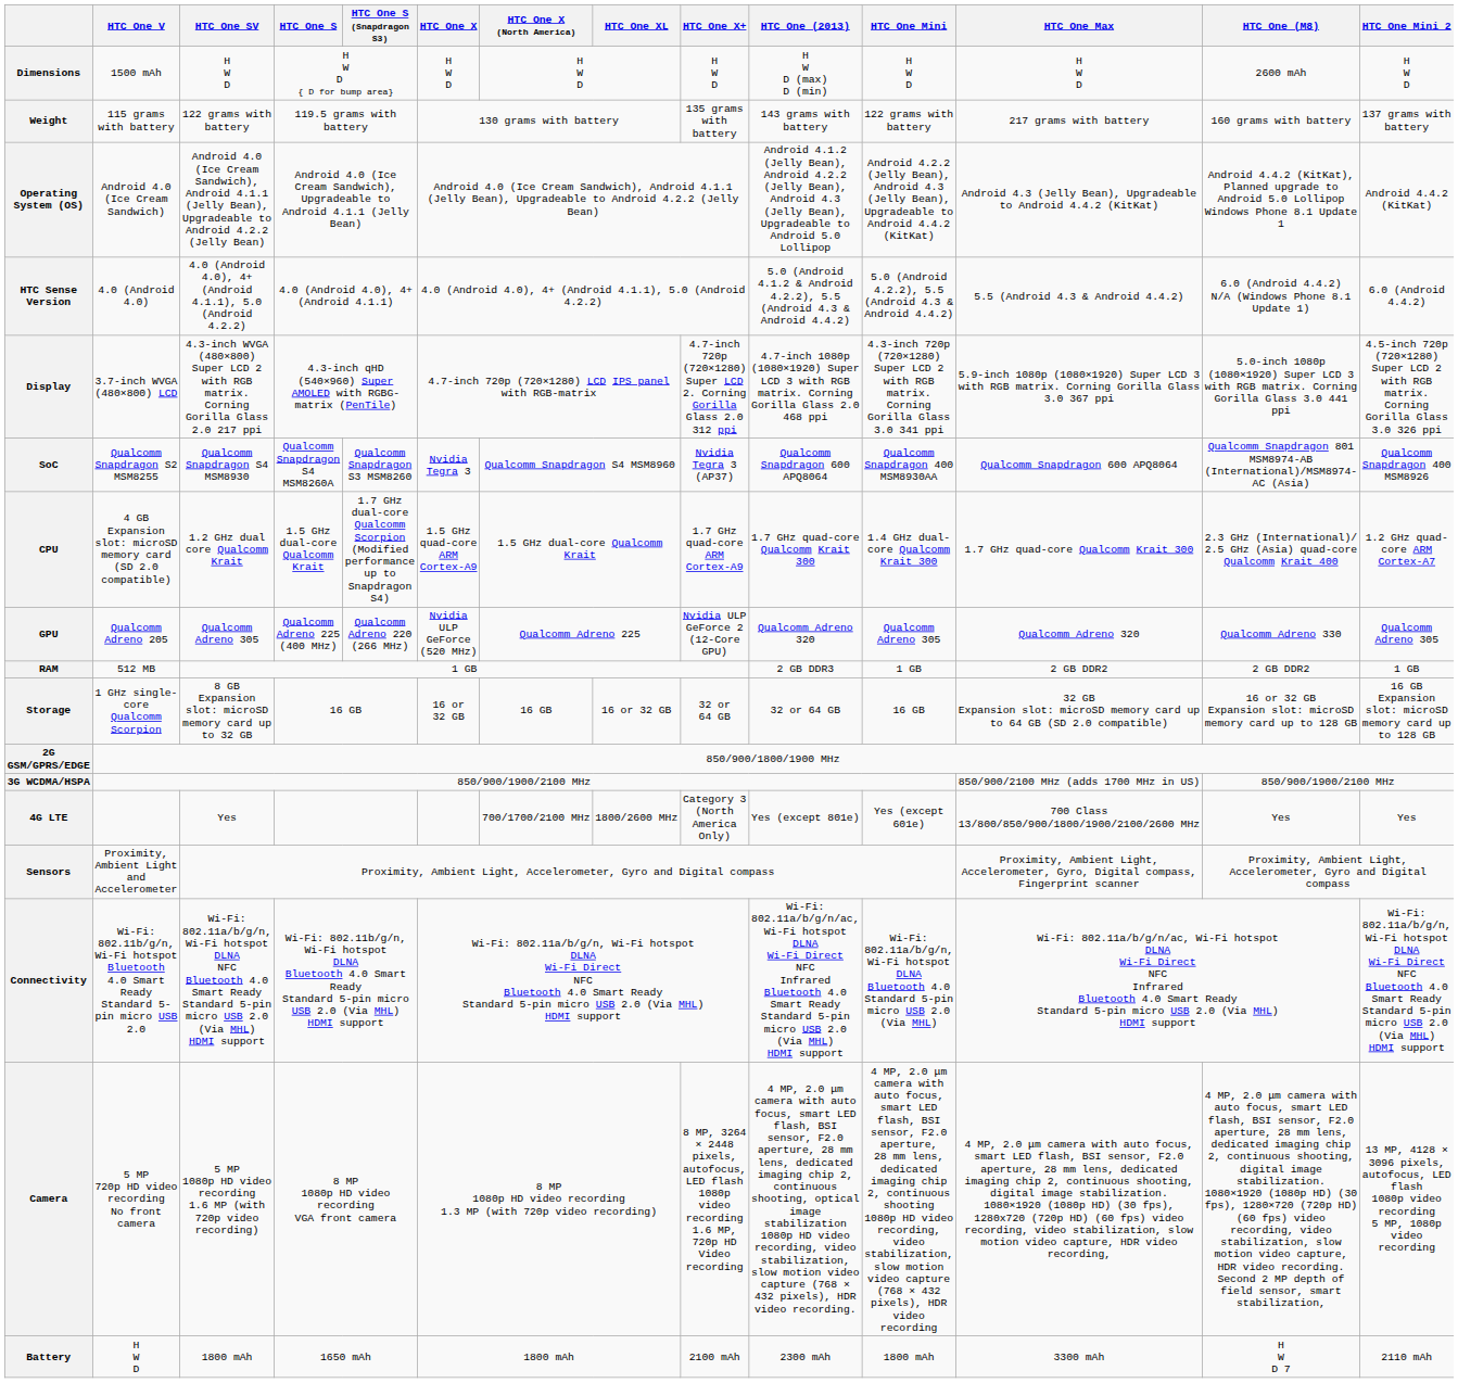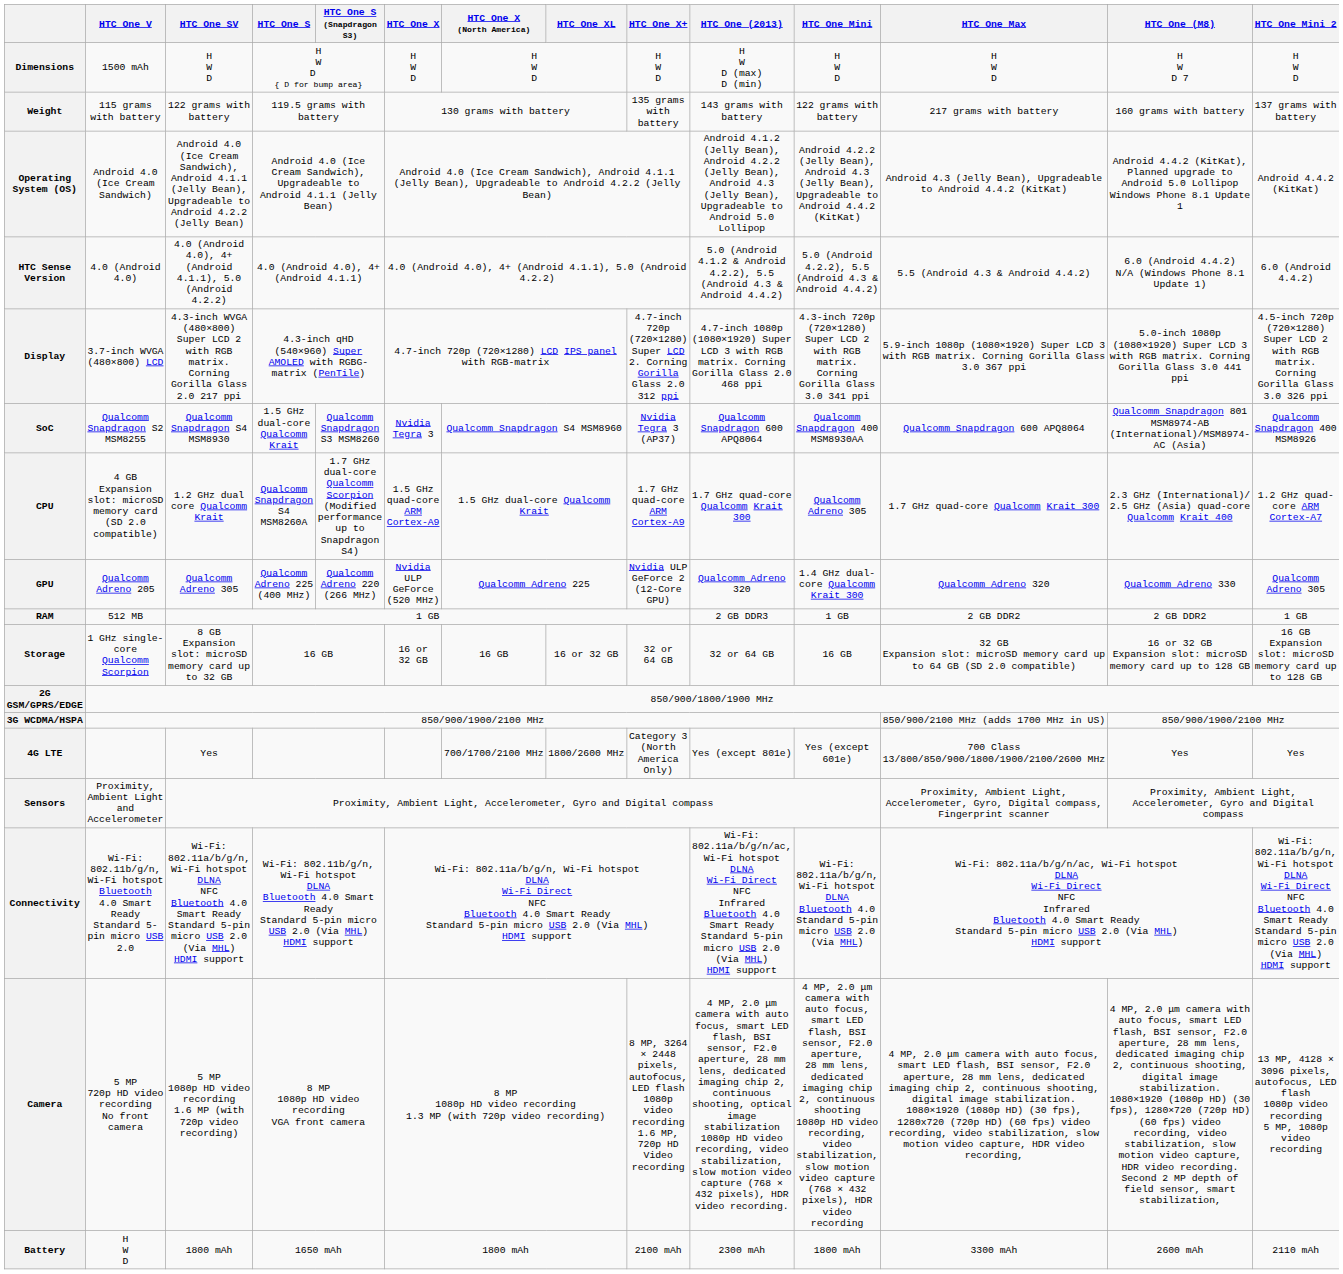 <table class="wikitable" style="text-align:center;">
 <tr>
 <th></th>
 <th><a href='#'>HTC One V</a></th>
 <th><a href='#'>HTC One SV</a></th>
 <th><a href='#'>HTC One S</a></th>
 <th><a href='#'>HTC One S</a> <br> <small>(Snapdragon S3)</small></th>
 <th><a href='#'>HTC One X</a></th>
 <th><a href='#'>HTC One X</a> <br> <small>(North America)</small></th>
 <th><a href='#'>HTC One XL</a></th>
 <th><a href='#'>HTC One X+</a></th>
 <th><a href='#'>HTC One (2013)</a></th>
 <th><a href='#'>HTC One Mini</a></th>
 <th><a href='#'>HTC One Max</a></th>
 <th><a href='#'>HTC One (M8)</a></th>
 <th><a href='#'>HTC One Mini 2</a></th>
 </tr>
 <tr>
 <th>Dimensions</th>
 <td>1500 mAh</td>
 <td>H <br>  W <br>  D </td>
 <td colspan="2">H <br>  W <br>  D  <br><small>{ D  for bump area}</small></td>
 <td>H <br>  W <br>  D </td>
 <td colspan="2">H <br>  W <br>  D </td>
 <td>H <br>  W <br>  D </td>
 <td>H <br>  W <br>  D (max)  <br>D (min) </td>
 <td>H <br>  W <br>  D </td>
 <td> H <br> W <br> D</td>
-<td>2600 mAh</td>
+<td>H <br>  W <br>  D  7</td>
 <td>H <br>  W <br>  D </td>
 </tr>
 <tr>
 <th>Weight</th>
 <td>115 grams with battery</td>
 <td>122 grams with battery</td>
 <td colspan="2">119.5 grams with battery</td>
 <td colspan="3">130 grams with battery</td>
 <td>135 grams with battery</td>
 <td>143 grams with battery</td>
 <td>122 grams with battery</td>
 <td>217 grams with battery</td>
 <td>160 grams with battery</td>
 <td>137 grams with battery</td>
 </tr>
 <tr>
 <th>Operating System (OS)</th>
 <td>Android 4.0 (Ice Cream Sandwich)</td>
 <td>Android 4.0 (Ice Cream Sandwich), Android 4.1.1 (Jelly Bean), Upgradeable to Android 4.2.2 (Jelly Bean)</td>
 <td colspan="2">Android 4.0 (Ice Cream Sandwich), Upgradeable to Android 4.1.1 (Jelly Bean)</td>
 <td colspan="4">Android 4.0 (Ice Cream Sandwich), Android 4.1.1 (Jelly Bean), Upgradeable to Android 4.2.2 (Jelly Bean)</td>
 <td>Android 4.1.2 (Jelly Bean), Android 4.2.2 (Jelly Bean), Android 4.3 (Jelly Bean), Upgradeable to Android 5.0 Lollipop</td>
 <td>Android 4.2.2 (Jelly Bean), Android 4.3 (Jelly Bean), Upgradeable to Android 4.4.2 (KitKat)</td>
 <td>Android 4.3 (Jelly Bean), Upgradeable to Android 4.4.2 (KitKat)</td>
 <td>Android 4.4.2 (KitKat), Planned upgrade to Android 5.0 Lollipop<br>Windows Phone 8.1 Update 1</td>
 <td>Android 4.4.2 (KitKat)</td>
 </tr>
 <tr>
 <th>HTC Sense Version</th>
 <td>4.0 (Android 4.0)</td>
 <td>4.0 (Android 4.0), 4+ (Android 4.1.1), 5.0 (Android 4.2.2)</td>
 <td colspan="2">4.0 (Android 4.0), 4+ (Android 4.1.1)</td>
 <td colspan="4">4.0 (Android 4.0), 4+ (Android 4.1.1), 5.0 (Android 4.2.2)</td>
 <td>5.0 (Android 4.1.2 & Android 4.2.2), 5.5 (Android 4.3 & Android 4.4.2)</td>
 <td>5.0 (Android 4.2.2), 5.5 (Android 4.3 & Android 4.4.2)</td>
 <td>5.5 (Android 4.3 & Android 4.4.2)</td>
 <td>6.0 (Android 4.4.2)<br> N/A (Windows Phone 8.1 Update 1)</td>
 <td>6.0 (Android 4.4.2)</td>
 </tr>
 <tr>
 <th>Display</th>
 <td>3.7-inch WVGA (480×800) <a href='#'>LCD</a></td>
 <td>4.3-inch WVGA (480×800) Super LCD 2 with RGB matrix. Corning Gorilla Glass 2.0 217 ppi</td>
 <td colspan="2">4.3-inch qHD (540×960) <a href='#'>Super AMOLED</a> with RGBG-matrix (<a href='#'>PenTile</a>)</td>
 <td colspan="3">4.7-inch 720p (720×1280) <a href='#'>LCD</a> <a href='#'>IPS panel</a> with RGB-matrix</td>
 <td>4.7-inch 720p (720×1280) Super <a href='#'>LCD</a> 2. Corning <a href='#'>Gorilla</a> Glass 2.0 312 <a href='#'>ppi</a></td>
 <td>4.7-inch 1080p (1080×1920) Super LCD 3 with RGB matrix. Corning Gorilla Glass 2.0 468 ppi</td>
 <td>4.3-inch 720p (720×1280) Super LCD 2 with RGB matrix. Corning Gorilla Glass 3.0 341 ppi</td>
 <td>5.9-inch 1080p (1080×1920) Super LCD 3 with RGB matrix. Corning Gorilla Glass 3.0 367 ppi</td>
 <td>5.0-inch 1080p (1080×1920) Super LCD 3 with RGB matrix. Corning Gorilla Glass 3.0 441 ppi</td>
 <td>4.5-inch 720p (720×1280) Super LCD 2 with RGB matrix. Corning Gorilla Glass 3.0 326 ppi</td>
 </tr>
 <tr>
 <th>SoC</th>
 <td><a href='#'>Qualcomm Snapdragon</a> S2 MSM8255</td>
 <td><a href='#'>Qualcomm Snapdragon</a> S4 MSM8930</td>
-<td><a href='#'>Qualcomm Snapdragon</a> S4 MSM8260A</td>
+<td>1.5 GHz dual-core <a href='#'>Qualcomm</a> <a href='#'>Krait</a></td>
 <td><a href='#'>Qualcomm Snapdragon</a> S3 MSM8260</td>
 <td><a href='#'>Nvidia Tegra</a> 3</td>
 <td colspan="2"><a href='#'>Qualcomm Snapdragon</a> S4 MSM8960</td>
 <td><a href='#'>Nvidia Tegra</a> 3 (AP37)</td>
 <td><a href='#'>Qualcomm Snapdragon</a> 600 APQ8064</td>
 <td><a href='#'>Qualcomm Snapdragon</a> 400 MSM8930AA</td>
 <td><a href='#'>Qualcomm Snapdragon</a> 600 APQ8064</td>
 <td><a href='#'>Qualcomm Snapdragon</a> 801 MSM8974-AB (International)/MSM8974-AC (Asia)</td>
 <td><a href='#'>Qualcomm Snapdragon</a> 400 MSM8926</td>
 </tr>
 <tr>
 <th>CPU</th>
 <td>4 GB<br>Expansion slot: microSD memory card (SD 2.0 compatible)</td>
 <td>1.2 GHz dual core <a href='#'>Qualcomm</a> <a href='#'>Krait</a></td>
-<td>1.5 GHz dual-core <a href='#'>Qualcomm</a> <a href='#'>Krait</a></td>
+<td><a href='#'>Qualcomm Snapdragon</a> S4 MSM8260A</td>
 <td>1.7 GHz dual-core <a href='#'>Qualcomm</a> <a href='#'>Scorpion</a><br>(Modified performance up to Snapdragon S4)</td>
 <td>1.5 GHz quad-core <a href='#'>ARM Cortex-A9</a></td>
 <td colspan="2">1.5 GHz dual-core <a href='#'>Qualcomm</a> <a href='#'>Krait</a></td>
 <td>1.7 GHz quad-core <a href='#'>ARM Cortex-A9</a></td>
 <td>1.7 GHz quad-core <a href='#'>Qualcomm</a> <a href='#'>Krait 300</a></td>
-<td>1.4 GHz dual-core <a href='#'>Qualcomm</a> <a href='#'>Krait 300</a></td>
+<td><a href='#'>Qualcomm Adreno</a> 305</td>
 <td>1.7 GHz quad-core <a href='#'>Qualcomm</a> <a href='#'>Krait 300</a></td>
 <td>2.3 GHz (International)/ 2.5 GHz (Asia) quad-core <a href='#'>Qualcomm</a> <a href='#'>Krait 400</a></td>
 <td>1.2 GHz quad-core <a href='#'>ARM Cortex-A7</a></td>
 </tr>
 <tr>
 <th>GPU</th>
 <td><a href='#'>Qualcomm Adreno</a> 205</td>
 <td><a href='#'>Qualcomm Adreno</a> 305</td>
 <td><a href='#'>Qualcomm Adreno</a> 225 (400 MHz)</td>
 <td><a href='#'>Qualcomm Adreno</a> 220 (266 MHz)</td>
 <td><a href='#'>Nvidia</a> ULP GeForce (520 MHz)</td>
 <td colspan="2"><a href='#'>Qualcomm Adreno</a> 225</td>
 <td><a href='#'>Nvidia</a> ULP GeForce 2 (12-Core GPU)</td>
 <td><a href='#'>Qualcomm Adreno</a> 320</td>
-<td><a href='#'>Qualcomm Adreno</a> 305</td>
+<td>1.4 GHz dual-core <a href='#'>Qualcomm</a> <a href='#'>Krait 300</a></td>
 <td><a href='#'>Qualcomm Adreno</a> 320</td>
 <td><a href='#'>Qualcomm Adreno</a> 330</td>
 <td><a href='#'>Qualcomm Adreno</a> 305</td>
 </tr>
 <tr>
 <th>RAM</th>
 <td>512 MB</td>
 <td colspan="7">1 GB</td>
 <td>2 GB DDR3</td>
 <td>1 GB</td>
 <td>2 GB DDR2</td>
 <td>2 GB DDR2</td>
 <td>1 GB</td>
 </tr>
 <tr>
 <th>Storage</th>
 <td>1 GHz single-core <a href='#'>Qualcomm</a> <a href='#'>Scorpion</a></td>
 <td>8 GB<br>Expansion slot: microSD memory card up to 32 GB</td>
 <td colspan="2">16 GB</td>
 <td>16 or 32 GB</td>
 <td>16 GB</td>
 <td>16 or 32 GB</td>
 <td>32 or 64 GB</td>
 <td>32 or 64 GB</td>
 <td>16 GB</td>
 <td>32 GB<br>Expansion slot: microSD memory card up to 64 GB (SD 2.0 compatible)</td>
 <td>16 or 32 GB<br>Expansion slot: microSD memory card up to 128 GB</td>
 <td>16 GB<br>Expansion slot: microSD memory card up to 128 GB</td>
 </tr>
 <tr>
 <th>2G GSM/GPRS/EDGE</th>
 <td colspan="13">850/900/1800/1900 MHz</td>
 </tr>
 <tr>
 <th>3G WCDMA/HSPA</th>
 <td colspan="10">850/900/1900/2100 MHz</td>
 <td>850/900/2100 MHz (adds 1700 MHz in US)</td>
 <td colspan="10">850/900/1900/2100 MHz</td>
 </tr>
 <tr>
 <th>4G LTE</th>
 <td></td>
 <td>Yes</td>
 <td colspan="2"></td>
 <td></td>
 <td>700/1700/2100 MHz</td>
 <td>1800/2600 MHz</td>
 <td>Category 3 (North America Only)</td>
 <td>Yes (except 801e)</td>
 <td>Yes (except 601e)</td>
 <td>700 Class 13/800/850/900/1800/1900/2100/2600 MHz</td>
 <td>Yes</td>
 <td>Yes</td>
 </tr>
 <tr>
 <th>Sensors</th>
 <td>Proximity, Ambient Light and Accelerometer</td>
 <td colspan="9">Proximity, Ambient Light, Accelerometer, Gyro and Digital compass</td>
 <td>Proximity, Ambient Light, Accelerometer, Gyro, Digital compass, Fingerprint scanner</td>
 <td colspan="2">Proximity, Ambient Light, Accelerometer, Gyro and Digital compass</td>
 </tr>
 <tr>
 <th>Connectivity</th>
 <td>Wi-Fi: 802.11b/g/n, Wi-Fi hotspot<br><a href='#'>Bluetooth</a> 4.0 Smart Ready<br>Standard 5-pin micro <a href='#'>USB</a> 2.0</td>
 <td>Wi-Fi: 802.11a/b/g/n, Wi-Fi hotspot<br><a href='#'>DLNA</a><br>NFC<br><a href='#'>Bluetooth</a> 4.0 Smart Ready<br>Standard 5-pin micro <a href='#'>USB</a> 2.0 (Via <a href='#'>MHL</a>)<br><a href='#'>HDMI</a> support</td>
 <td colspan="2">Wi-Fi: 802.11b/g/n, Wi-Fi hotspot<br><a href='#'>DLNA</a><br><a href='#'>Bluetooth</a> 4.0 Smart Ready<br>Standard 5-pin micro <a href='#'>USB</a> 2.0 (Via <a href='#'>MHL</a>)<br><a href='#'>HDMI</a> support</td>
 <td colspan="4">Wi-Fi: 802.11a/b/g/n, Wi-Fi hotspot<br><a href='#'>DLNA</a><br><a href='#'>Wi-Fi Direct</a><br>NFC<br><a href='#'>Bluetooth</a> 4.0 Smart Ready<br>Standard 5-pin micro <a href='#'>USB</a> 2.0 (Via <a href='#'>MHL</a>)<br><a href='#'>HDMI</a> support</td>
 <td>Wi-Fi: 802.11a/b/g/n/ac, Wi-Fi hotspot<br><a href='#'>DLNA</a><br><a href='#'>Wi-Fi Direct</a><br>NFC<br>Infrared<br><a href='#'>Bluetooth</a> 4.0 Smart Ready<br>Standard 5-pin micro <a href='#'>USB</a> 2.0 (Via <a href='#'>MHL</a>)<br><a href='#'>HDMI</a> support</td>
 <td>Wi-Fi: 802.11a/b/g/n, Wi-Fi hotspot<br><a href='#'>DLNA</a><br><a href='#'>Bluetooth</a> 4.0<br>Standard 5-pin micro <a href='#'>USB</a> 2.0 (Via <a href='#'>MHL</a>)</td>
 <td colspan="2">Wi-Fi: 802.11a/b/g/n/ac, Wi-Fi hotspot<br><a href='#'>DLNA</a><br><a href='#'>Wi-Fi Direct</a><br>NFC<br>Infrared<br><a href='#'>Bluetooth</a> 4.0 Smart Ready<br>Standard 5-pin micro <a href='#'>USB</a> 2.0 (Via <a href='#'>MHL</a>)<br><a href='#'>HDMI</a> support</td>
 <td>Wi-Fi: 802.11a/b/g/n, Wi-Fi hotspot<br><a href='#'>DLNA</a><br><a href='#'>Wi-Fi Direct</a><br>NFC<br><a href='#'>Bluetooth</a> 4.0 Smart Ready<br>Standard 5-pin micro <a href='#'>USB</a> 2.0 (Via <a href='#'>MHL</a>)<br><a href='#'>HDMI</a> support</td>
 </tr>
 <tr>
 <th>Camera</th>
 <td>5 MP<br>720p HD video recording<br>No front camera</td>
 <td>5 MP<br>1080p HD video recording<br> 1.6 MP (with 720p video recording)</td>
 <td colspan="2">8 MP<br>1080p HD video recording<br> VGA front camera</td>
 <td colspan="3">8 MP<br>1080p HD video recording<br> 1.3 MP (with 720p video recording)</td>
 <td>8 MP, 3264 × 2448 pixels, autofocus, LED flash <br> 1080p video recording <br>1.6 MP, 720p HD Video recording</td>
 <td>4 MP, 2.0 μm camera with auto focus, smart LED flash, BSI sensor, F2.0 aperture, 28 mm lens, dedicated imaging chip 2, continuous shooting, optical image stabilization<br>1080p HD video recording, video stabilization, slow motion video capture (768 × 432 pixels), HDR video recording.</td>
 <td>4 MP, 2.0 μm camera with auto focus, smart LED flash, BSI sensor, F2.0 aperture, 28 mm lens, dedicated imaging chip 2, continuous shooting<br>1080p HD video recording, video stabilization, slow motion video capture (768 × 432 pixels), HDR video recording</td>
 <td>4 MP, 2.0 μm camera with auto focus, smart LED flash, BSI sensor, F2.0 aperture, 28 mm lens, dedicated imaging chip 2, continuous shooting, digital image stabilization.<br>1080×1920 (1080p HD) (30 fps), 1280x720 (720p HD) (60 fps) video recording, video stabilization, slow motion video capture, HDR video recording,</td>
 <td>4 MP, 2.0 μm camera with auto focus, smart LED flash, BSI sensor, F2.0 aperture, 28 mm lens, dedicated imaging chip 2, continuous shooting, digital image stabilization.<br>1080×1920 (1080p HD) (30 fps), 1280×720 (720p HD) (60 fps) video recording, video stabilization, slow motion video capture, HDR video recording. Second 2 MP depth of field sensor, smart stabilization,</td>
 <td>13 MP, 4128 × 3096 pixels, autofocus, LED flash <br> 1080p video recording <br>5 MP, 1080p video recording</td>
 </tr>
 <tr>
 <th>Battery</th>
 <td>H <br>  W <br>  D </td>
 <td>1800 mAh</td>
 <td colspan="2">1650 mAh</td>
 <td colspan="3">1800 mAh</td>
 <td>2100 mAh</td>
 <td>2300 mAh</td>
 <td>1800 mAh</td>
 <td>3300 mAh</td>
-<td>H <br>  W <br>  D  7</td>
+<td>2600 mAh</td>
 <td>2110 mAh</td>
 </tr>
 </table>
